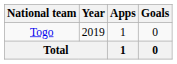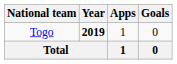 <table class="wikitable" style="text-align:center">
 <tr>
 <th>National team</th>
 <th>Year</th>
 <th>Apps</th>
 <th>Goals</th>
 </tr>
 <tr>
 <td><a href='#'>Togo</a></td>
-<td>2019</td>
+<td><strong>2019</strong></td>
 <td>1</td>
 <td>0</td>
 </tr>
 <tr>
 <th colspan=2>Total</th>
 <th>1</th>
 <th>0</th>
 </tr>
 </table>
